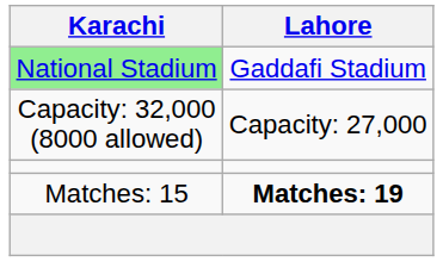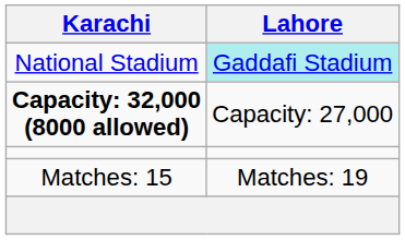 <table class="wikitable" style="text-align:center;margin:1em auto;">
 <tr>
 <th><a href='#'>Karachi</a></th>
 <th><a href='#'>Lahore</a></th>
 </tr>
 <tr>
-<td style="background: lightgreen;"><a href='#'>National Stadium</a></td>
-<td><a href='#'>Gaddafi Stadium</a></td>
+<td><a href='#'>National Stadium</a></td>
+<td style="background: paleturquoise;"><a href='#'>Gaddafi Stadium</a></td>
 </tr>
 <tr>
-<td>Capacity: 32,000<br>(8000 allowed)</td>
+<td><strong>Capacity: 32,000<br>(8000 allowed)</strong></td>
 <td>Capacity: 27,000</td>
 </tr>
 <tr>
 <td></td>
 <td></td>
 </tr>
 <tr>
 <td>Matches: 15</td>
-<td><strong>Matches: 19</strong></td>
+<td>Matches: 19</td>
 </tr>
 <tr>
 <th colspan="4"><br></th>
 </tr>
 </table>
